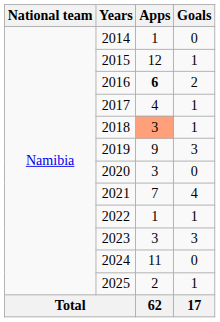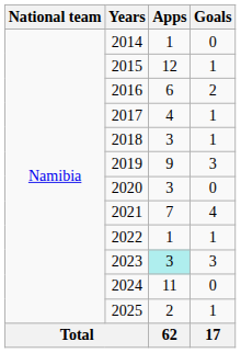 <table class="wikitable" style="text-align:center;">
 <tr>
 <th>National team</th>
 <th>Years</th>
 <th>Apps</th>
 <th>Goals</th>
 </tr>
 <tr>
 <td rowspan=12><a href='#'>Namibia</a></td>
 <td>2014</td>
 <td>1</td>
 <td>0</td>
 </tr>
 <tr>
 <td>2015</td>
 <td>12</td>
 <td>1</td>
 </tr>
 <tr>
 <td>2016</td>
-<td><strong>6</strong></td>
+<td>6</td>
 <td>2</td>
 </tr>
 <tr>
 <td>2017</td>
 <td>4</td>
 <td>1</td>
 </tr>
 <tr>
 <td>2018</td>
-<td style="background: lightsalmon;">3</td>
+<td>3</td>
 <td>1</td>
 </tr>
 <tr>
 <td>2019</td>
 <td>9</td>
 <td>3</td>
 </tr>
 <tr>
 <td>2020</td>
 <td>3</td>
 <td>0</td>
 </tr>
 <tr>
 <td>2021</td>
 <td>7</td>
 <td>4</td>
 </tr>
 <tr>
 <td>2022</td>
 <td>1</td>
 <td>1</td>
 </tr>
 <tr>
 <td>2023</td>
-<td>3</td>
+<td style="background: paleturquoise;">3</td>
 <td>3</td>
 </tr>
 <tr>
 <td>2024</td>
 <td>11</td>
 <td>0</td>
 </tr>
 <tr>
 <td>2025</td>
 <td>2</td>
 <td>1</td>
 </tr>
 <tr>
 <th colspan=2>Total</th>
 <th>62</th>
 <th>17</th>
 </tr>
 </table>
